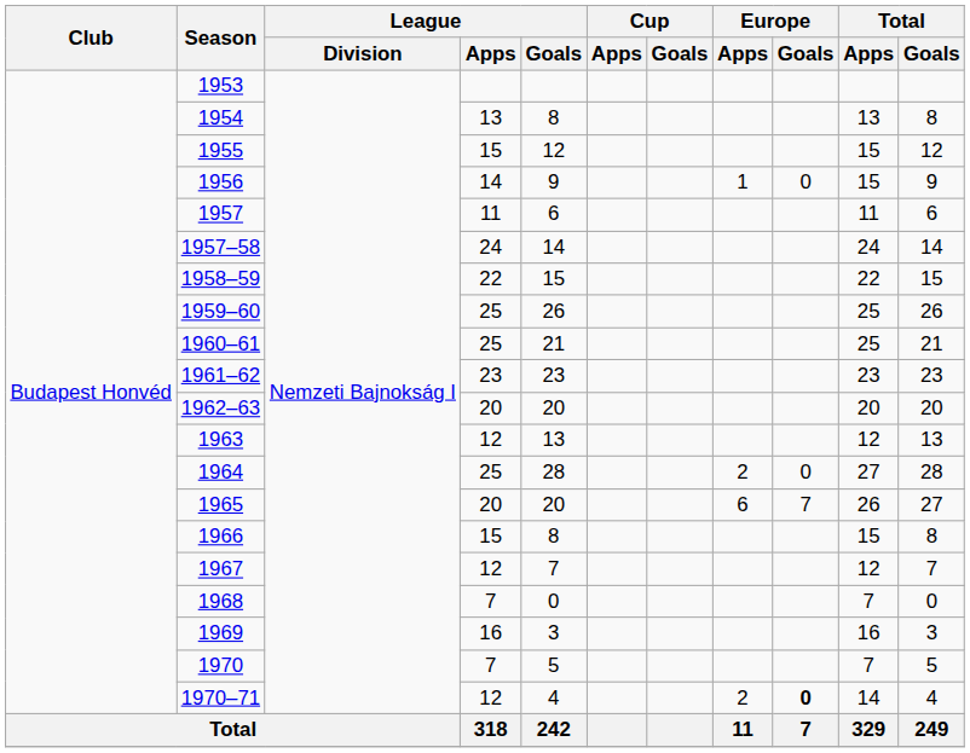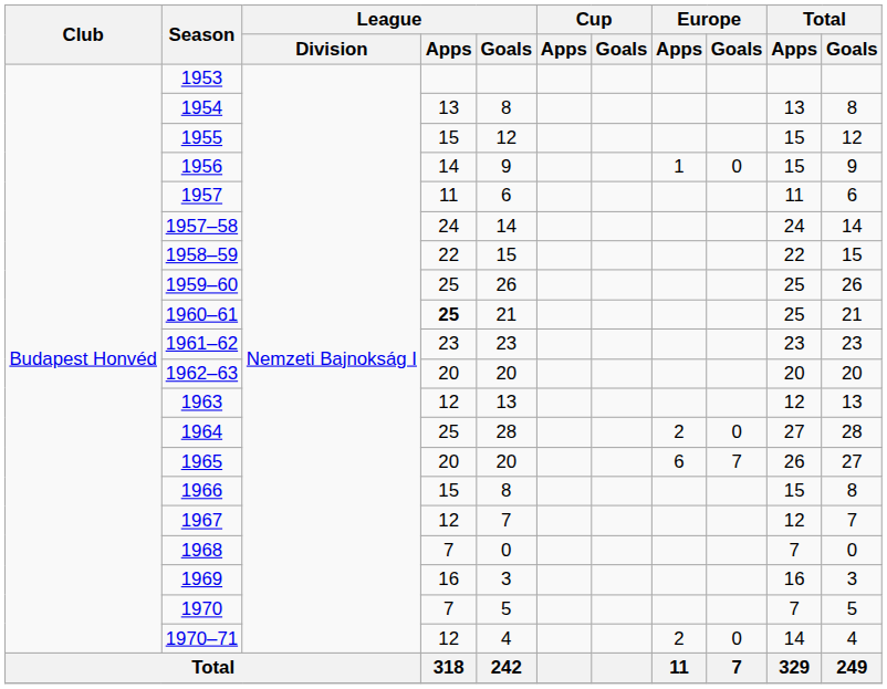 <table class=wikitable style=text-align:center>
 <tr>
 <th rowspan=2>Club</th>
 <th rowspan=2>Season</th>
 <th colspan=3>League</th>
 <th colspan=2>Cup</th>
 <th colspan=2>Europe</th>
 <th colspan=2>Total</th>
 </tr>
 <tr>
 <th>Division</th>
 <th>Apps</th>
 <th>Goals</th>
 <th>Apps</th>
 <th>Goals</th>
 <th>Apps</th>
 <th>Goals</th>
 <th>Apps</th>
 <th>Goals</th>
 </tr>
 <tr>
 <td rowspan=20><a href='#'>Budapest Honvéd</a></td>
 <td><a href='#'>1953</a></td>
 <td rowspan=20><a href='#'>Nemzeti Bajnokság I</a></td>
 <td></td>
 <td></td>
 <td></td>
 <td></td>
 <td></td>
 <td></td>
 <td></td>
 <td></td>
 </tr>
 <tr>
 <td><a href='#'>1954</a></td>
 <td>13</td>
 <td>8</td>
 <td></td>
 <td></td>
 <td></td>
 <td></td>
 <td>13</td>
 <td>8</td>
 </tr>
 <tr>
 <td><a href='#'>1955</a></td>
 <td>15</td>
 <td>12</td>
 <td></td>
 <td></td>
 <td></td>
 <td></td>
 <td>15</td>
 <td>12</td>
 </tr>
 <tr>
 <td><a href='#'>1956</a></td>
 <td>14</td>
 <td>9</td>
 <td></td>
 <td></td>
 <td>1</td>
 <td>0</td>
 <td>15</td>
 <td>9</td>
 </tr>
 <tr>
 <td><a href='#'>1957</a></td>
 <td>11</td>
 <td>6</td>
 <td></td>
 <td></td>
 <td></td>
 <td></td>
 <td>11</td>
 <td>6</td>
 </tr>
 <tr>
 <td><a href='#'>1957–58</a></td>
 <td>24</td>
 <td>14</td>
 <td></td>
 <td></td>
 <td></td>
 <td></td>
 <td>24</td>
 <td>14</td>
 </tr>
 <tr>
 <td><a href='#'>1958–59</a></td>
 <td>22</td>
 <td>15</td>
 <td></td>
 <td></td>
 <td></td>
 <td></td>
 <td>22</td>
 <td>15</td>
 </tr>
 <tr>
 <td><a href='#'>1959–60</a></td>
 <td>25</td>
 <td>26</td>
 <td></td>
 <td></td>
 <td></td>
 <td></td>
 <td>25</td>
 <td>26</td>
 </tr>
 <tr>
 <td><a href='#'>1960–61</a></td>
-<td>25</td>
+<td><strong>25</strong></td>
 <td>21</td>
 <td></td>
 <td></td>
 <td></td>
 <td></td>
 <td>25</td>
 <td>21</td>
 </tr>
 <tr>
 <td><a href='#'>1961–62</a></td>
 <td>23</td>
 <td>23</td>
 <td></td>
 <td></td>
 <td></td>
 <td></td>
 <td>23</td>
 <td>23</td>
 </tr>
 <tr>
 <td><a href='#'>1962–63</a></td>
 <td>20</td>
 <td>20</td>
 <td></td>
 <td></td>
 <td></td>
 <td></td>
 <td>20</td>
 <td>20</td>
 </tr>
 <tr>
 <td><a href='#'>1963</a></td>
 <td>12</td>
 <td>13</td>
 <td></td>
 <td></td>
 <td></td>
 <td></td>
 <td>12</td>
 <td>13</td>
 </tr>
 <tr>
 <td><a href='#'>1964</a></td>
 <td>25</td>
 <td>28</td>
 <td></td>
 <td></td>
 <td>2</td>
 <td>0</td>
 <td>27</td>
 <td>28</td>
 </tr>
 <tr>
 <td><a href='#'>1965</a></td>
 <td>20</td>
 <td>20</td>
 <td></td>
 <td></td>
 <td>6</td>
 <td>7</td>
 <td>26</td>
 <td>27</td>
 </tr>
 <tr>
 <td><a href='#'>1966</a></td>
 <td>15</td>
 <td>8</td>
 <td></td>
 <td></td>
 <td></td>
 <td></td>
 <td>15</td>
 <td>8</td>
 </tr>
 <tr>
 <td><a href='#'>1967</a></td>
 <td>12</td>
 <td>7</td>
 <td></td>
 <td></td>
 <td></td>
 <td></td>
 <td>12</td>
 <td>7</td>
 </tr>
 <tr>
 <td><a href='#'>1968</a></td>
 <td>7</td>
 <td>0</td>
 <td></td>
 <td></td>
 <td></td>
 <td></td>
 <td>7</td>
 <td>0</td>
 </tr>
 <tr>
 <td><a href='#'>1969</a></td>
 <td>16</td>
 <td>3</td>
 <td></td>
 <td></td>
 <td></td>
 <td></td>
 <td>16</td>
 <td>3</td>
 </tr>
 <tr>
 <td><a href='#'>1970</a></td>
 <td>7</td>
 <td>5</td>
 <td></td>
 <td></td>
 <td></td>
 <td></td>
 <td>7</td>
 <td>5</td>
 </tr>
 <tr>
 <td><a href='#'>1970–71</a></td>
 <td>12</td>
 <td>4</td>
 <td></td>
 <td></td>
 <td>2</td>
-<td><strong>0</strong></td>
+<td>0</td>
 <td>14</td>
 <td>4</td>
 </tr>
 <tr>
 <th colspan="3">Total</th>
 <th>318</th>
 <th>242</th>
 <th></th>
 <th></th>
 <th>11</th>
 <th>7</th>
 <th>329</th>
 <th>249</th>
 </tr>
 <tr>
 </tr>
 </table>
